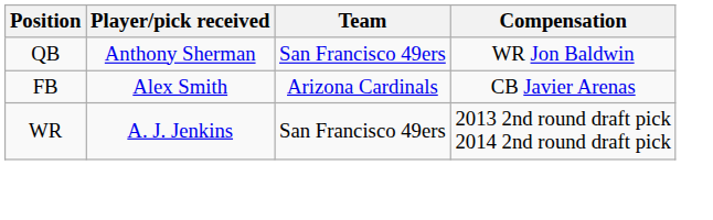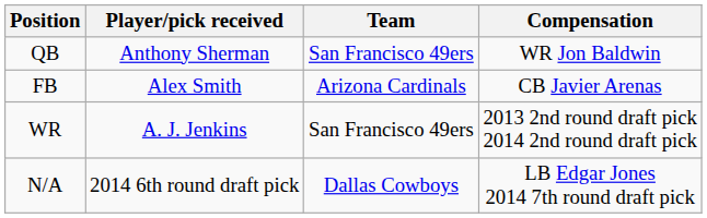 <table class="wikitable sortable">
 <tr>
 <th>Position</th>
 <th>Player/pick received</th>
 <th>Team</th>
 <th>Compensation</th>
 </tr>
 <tr style="text-align:center;">
 <td>QB</td>
 <td><a href='#'>Anthony Sherman</a></td>
 <td><a href='#'>San Francisco 49ers</a></td>
 <td>WR <a href='#'>Jon Baldwin</a></td>
 </tr>
 <tr style="text-align:center;">
 <td>FB</td>
 <td><a href='#'>Alex Smith</a></td>
 <td><a href='#'>Arizona Cardinals</a></td>
 <td>CB <a href='#'>Javier Arenas</a></td>
 </tr>
 <tr style="text-align:center;">
 <td>WR</td>
 <td><a href='#'>A. J. Jenkins</a></td>
 <td>San Francisco 49ers</td>
 <td>2013 2nd round draft pick<br>2014 2nd round draft pick</td>
 </tr>
+<tr style="text-align:center;">
+<td>N/A</td>
+<td>2014 6th round draft pick</td>
+<td><a href='#'>Dallas Cowboys</a></td>
+<td>LB <a href='#'>Edgar Jones</a><br>2014 7th round draft pick</td>
+</tr>
 </table>
